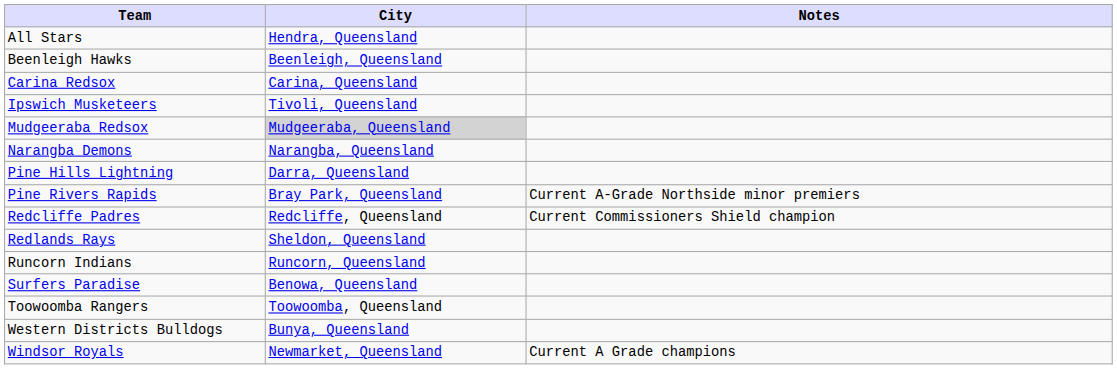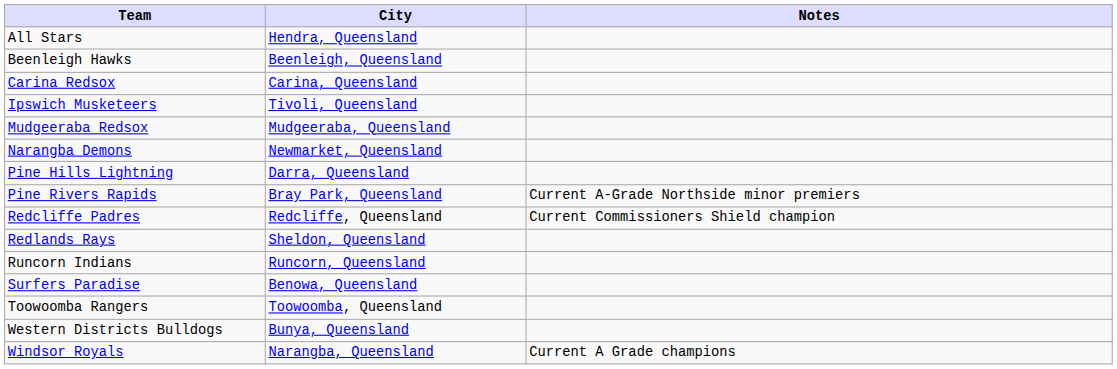 <table class="wikitable">
 <tr>
 <th style="background:#ddf; width:20%;">Team</th>
 <th style="background:#ddf; width:20%;">City</th>
 <th style="background:#ddf; width:45%;">Notes</th>
 </tr>
 <tr>
 <td>All Stars</td>
 <td><a href='#'>Hendra, Queensland</a></td>
 <td></td>
 </tr>
 <tr>
 <td>Beenleigh Hawks</td>
 <td><a href='#'>Beenleigh, Queensland</a></td>
 <td></td>
 </tr>
 <tr>
 <td><a href='#'>Carina Redsox</a></td>
 <td><a href='#'>Carina, Queensland</a></td>
 <td></td>
 </tr>
 <tr>
 <td><a href='#'>Ipswich Musketeers</a></td>
 <td><a href='#'>Tivoli, Queensland</a></td>
 <td></td>
 </tr>
 <tr>
 <td><a href='#'>Mudgeeraba Redsox</a></td>
-<td style="background: lightgrey;"><a href='#'>Mudgeeraba, Queensland</a></td>
+<td><a href='#'>Mudgeeraba, Queensland</a></td>
 <td></td>
 </tr>
 <tr>
 <td><a href='#'>Narangba Demons</a></td>
-<td><a href='#'>Narangba, Queensland</a></td>
+<td><a href='#'>Newmarket, Queensland</a></td>
 <td></td>
 </tr>
 <tr>
 <td><a href='#'>Pine Hills Lightning</a></td>
 <td><a href='#'>Darra, Queensland</a></td>
 <td></td>
 </tr>
 <tr>
 <td><a href='#'>Pine Rivers Rapids</a></td>
 <td><a href='#'>Bray Park, Queensland</a></td>
 <td>Current A-Grade Northside minor premiers</td>
 </tr>
 <tr>
 <td><a href='#'>Redcliffe Padres</a></td>
 <td><a href='#'>Redcliffe</a>, Queensland</td>
 <td>Current Commissioners Shield champion</td>
 </tr>
 <tr>
 <td><a href='#'>Redlands Rays</a></td>
 <td><a href='#'>Sheldon, Queensland</a></td>
 <td></td>
 </tr>
 <tr>
 <td>Runcorn Indians</td>
 <td><a href='#'>Runcorn, Queensland</a></td>
 <td></td>
 </tr>
 <tr>
 <td><a href='#'>Surfers Paradise</a></td>
 <td><a href='#'>Benowa, Queensland</a></td>
 <td></td>
 </tr>
 <tr>
 <td>Toowoomba Rangers</td>
 <td><a href='#'>Toowoomba</a>, Queensland</td>
 </tr>
 <tr>
 <td>Western Districts Bulldogs</td>
 <td><a href='#'>Bunya, Queensland</a></td>
 <td></td>
 </tr>
 <tr>
 <td><a href='#'>Windsor Royals</a></td>
-<td><a href='#'>Newmarket, Queensland</a></td>
+<td><a href='#'>Narangba, Queensland</a></td>
 <td>Current A Grade champions</td>
 </tr>
 </table>
